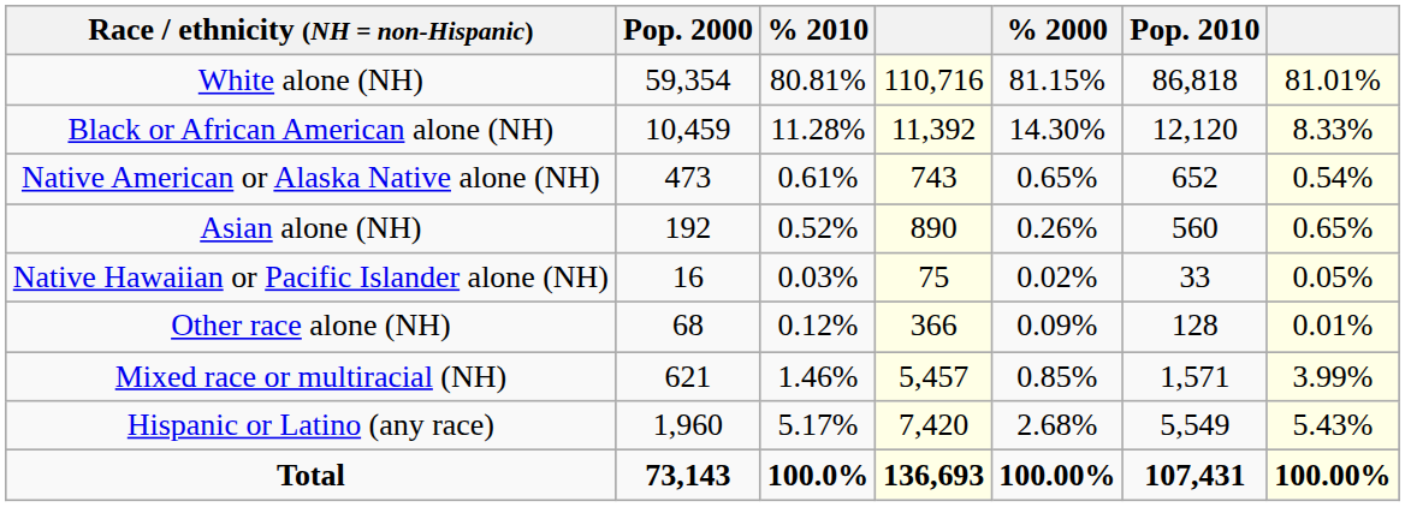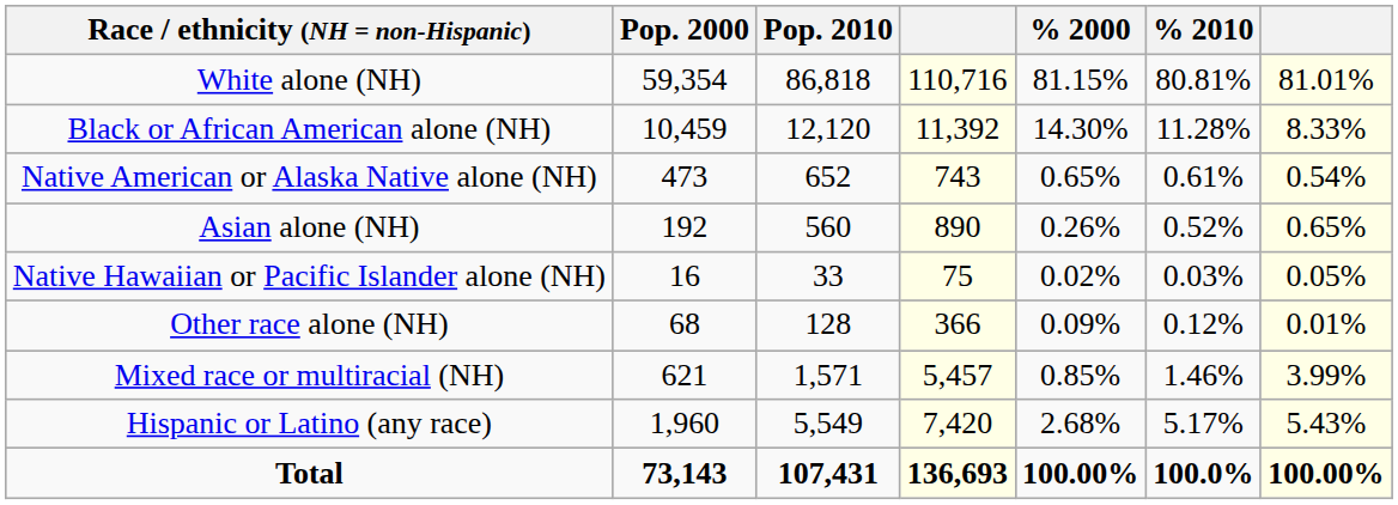 <table class="wikitable" style="text-align:center;">
 <tr>
 <th>Race / ethnicity <small>(<em>NH = non-Hispanic</em>)</small></th>
 <th>Pop. 2000</th>
-<th>% 2010</th>
+<th>Pop. 2010</th>
 <th></th>
 <th>% 2000</th>
-<th>Pop. 2010</th>
+<th>% 2010</th>
 <th></th>
 </tr>
 <tr>
 <td><a href='#'>White</a> alone (NH)</td>
 <td>59,354</td>
-<td>80.81%</td>
+<td>86,818</td>
 <td style='background: #ffffe6;'>110,716</td>
 <td>81.15%</td>
-<td>86,818</td>
+<td>80.81%</td>
 <td style='background: #ffffe6;'>81.01%</td>
 </tr>
 <tr>
 <td><a href='#'>Black or African American</a> alone (NH)</td>
 <td>10,459</td>
-<td>11.28%</td>
+<td>12,120</td>
 <td style='background: #ffffe6;'>11,392</td>
 <td>14.30%</td>
-<td>12,120</td>
+<td>11.28%</td>
 <td style='background: #ffffe6;'>8.33%</td>
 </tr>
 <tr>
 <td><a href='#'>Native American</a> or <a href='#'>Alaska Native</a> alone (NH)</td>
 <td>473</td>
-<td>0.61%</td>
+<td>652</td>
 <td style='background: #ffffe6;'>743</td>
 <td>0.65%</td>
-<td>652</td>
+<td>0.61%</td>
 <td style='background: #ffffe6;'>0.54%</td>
 </tr>
 <tr>
 <td><a href='#'>Asian</a> alone (NH)</td>
 <td>192</td>
-<td>0.52%</td>
+<td>560</td>
 <td style='background: #ffffe6;'>890</td>
 <td>0.26%</td>
-<td>560</td>
+<td>0.52%</td>
 <td style='background: #ffffe6;'>0.65%</td>
 </tr>
 <tr>
 <td><a href='#'>Native Hawaiian</a> or <a href='#'>Pacific Islander</a> alone (NH)</td>
 <td>16</td>
-<td>0.03%</td>
+<td>33</td>
 <td style='background: #ffffe6;'>75</td>
 <td>0.02%</td>
-<td>33</td>
+<td>0.03%</td>
 <td style='background: #ffffe6;'>0.05%</td>
 </tr>
 <tr>
 <td><a href='#'>Other race</a> alone (NH)</td>
 <td>68</td>
-<td>0.12%</td>
+<td>128</td>
 <td style='background: #ffffe6;'>366</td>
 <td>0.09%</td>
-<td>128</td>
+<td>0.12%</td>
 <td style='background: #ffffe6;'>0.01%</td>
 </tr>
 <tr>
 <td><a href='#'>Mixed race or multiracial</a> (NH)</td>
 <td>621</td>
-<td>1.46%</td>
+<td>1,571</td>
 <td style='background: #ffffe6;'>5,457</td>
 <td>0.85%</td>
-<td>1,571</td>
+<td>1.46%</td>
 <td style='background: #ffffe6;'>3.99%</td>
 </tr>
 <tr>
 <td><a href='#'>Hispanic or Latino</a> (any race)</td>
 <td>1,960</td>
-<td>5.17%</td>
+<td>5,549</td>
 <td style='background: #ffffe6;'>7,420</td>
 <td>2.68%</td>
-<td>5,549</td>
+<td>5.17%</td>
 <td style='background: #ffffe6;'>5.43%</td>
 </tr>
 <tr>
 <td><strong>Total</strong></td>
 <td><strong>73,143</strong></td>
-<td><strong>100.0%</strong></td>
+<td><strong>107,431</strong></td>
 <td style='background: #ffffe6;'><strong>136,693</strong></td>
 <td><strong>100.00%</strong></td>
-<td><strong>107,431</strong></td>
+<td><strong>100.0%</strong></td>
 <td style='background: #ffffe6;'><strong>100.00%</strong></td>
 </tr>
 </table>
